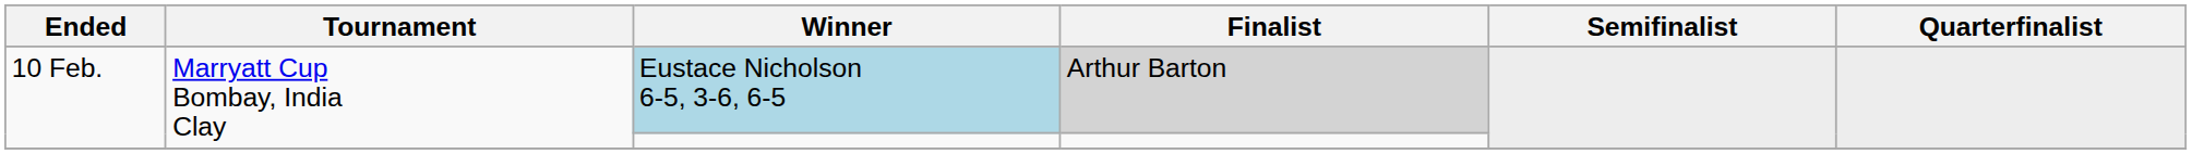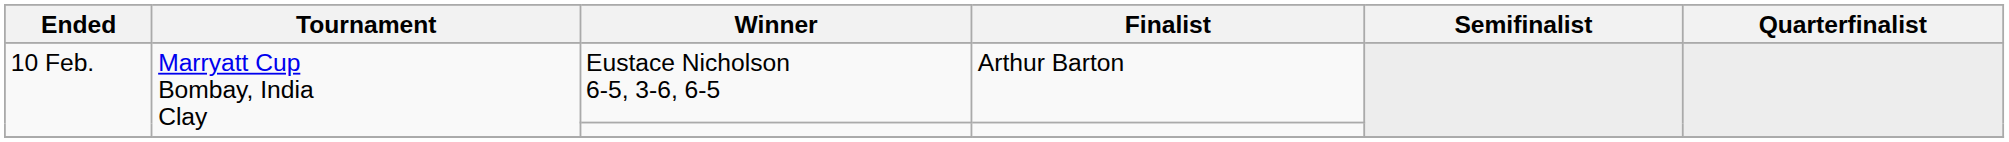 <table class="wikitable" style="font-size:85%;">
 <tr>
 <th width="75">Ended</th>
 <th width="230">Tournament</th>
 <th width="210">Winner</th>
 <th width="210">Finalist</th>
 <th width="170">Semifinalist</th>
 <th width="170">Quarterfinalist</th>
 </tr>
 <tr valign=top>
 <td rowspan=2>10 Feb.</td>
 <td rowspan=2><a href='#'>Marryatt Cup</a> <br>Bombay, India<br>Clay</td>
-<td style="background: lightblue;"> Eustace Nicholson <br>6-5, 3-6, 6-5</td>
-<td style="background: lightgrey;"> Arthur Barton</td>
+<td> Eustace Nicholson <br>6-5, 3-6, 6-5</td>
+<td> Arthur Barton</td>
 <td style="background:#ededed;" rowspan=2></td>
 <td style="background:#ededed;" rowspan=2></td>
 </tr>
 <tr valign=top>
 <td></td>
 <td></td>
 </tr>
 <tr valign=top>
 </tr>
 </table>
